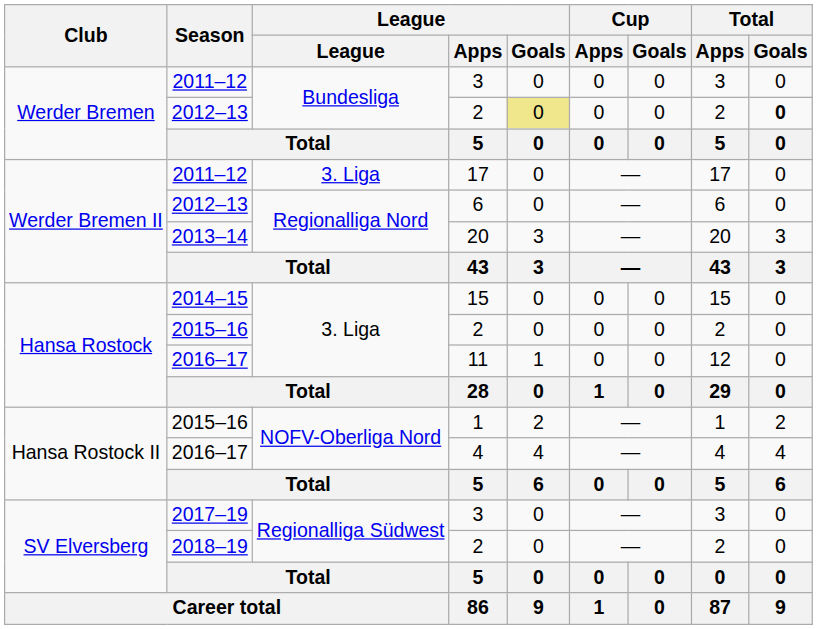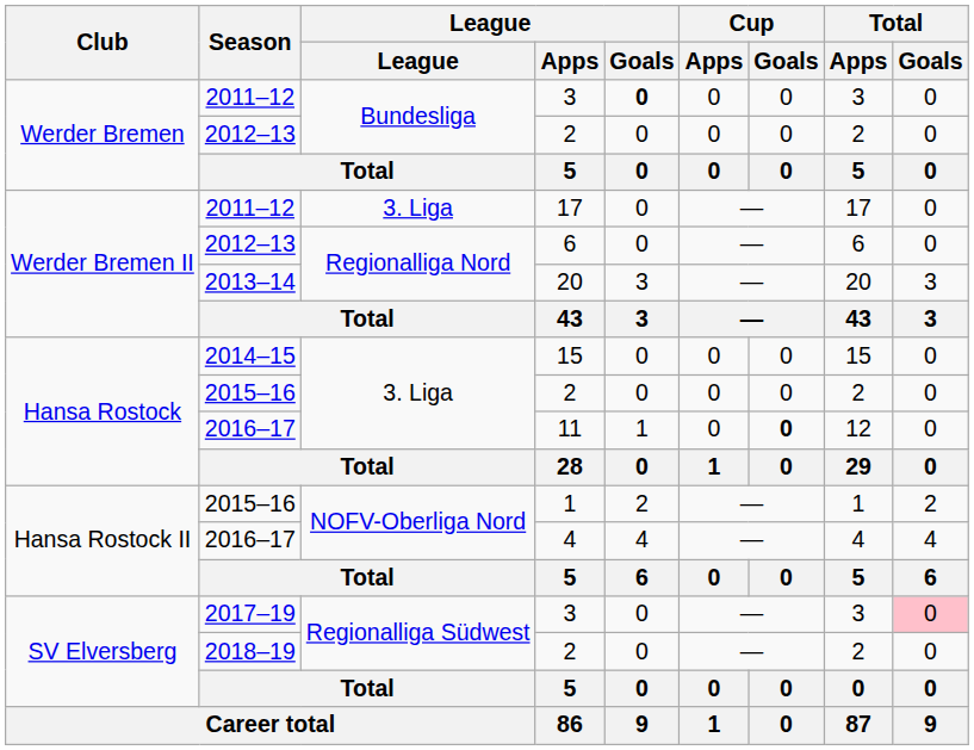 <table class="wikitable" style="text-align:center">
 <tr>
 <th rowspan="2">Club</th>
 <th rowspan="2">Season</th>
 <th colspan="3">League</th>
 <th colspan="2">Cup</th>
 <th colspan="2">Total</th>
 </tr>
 <tr>
 <th>League</th>
 <th>Apps</th>
 <th>Goals</th>
 <th>Apps</th>
 <th>Goals</th>
 <th>Apps</th>
 <th>Goals</th>
 </tr>
 <tr>
 <td rowspan="3"><a href='#'>Werder Bremen</a></td>
 <td><a href='#'>2011–12</a></td>
 <td rowspan="2"><a href='#'>Bundesliga</a></td>
 <td>3</td>
-<td>0</td>
+<td><strong>0</strong></td>
 <td>0</td>
 <td>0</td>
 <td>3</td>
 <td>0</td>
 </tr>
 <tr>
 <td><a href='#'>2012–13</a></td>
 <td>2</td>
-<td style="background: khaki;">0</td>
+<td>0</td>
 <td>0</td>
 <td>0</td>
 <td>2</td>
-<td><strong>0</strong></td>
+<td>0</td>
 </tr>
 <tr>
 <th colspan="2">Total</th>
 <th>5</th>
 <th>0</th>
 <th>0</th>
 <th>0</th>
 <th>5</th>
 <th>0</th>
 </tr>
 <tr>
 <td rowspan="4"><a href='#'>Werder Bremen II</a></td>
 <td><a href='#'>2011–12</a></td>
 <td><a href='#'>3. Liga</a></td>
 <td>17</td>
 <td>0</td>
 <td colspan="2">—</td>
 <td>17</td>
 <td>0</td>
 </tr>
 <tr>
 <td><a href='#'>2012–13</a></td>
 <td rowspan="2"><a href='#'>Regionalliga Nord</a></td>
 <td>6</td>
 <td>0</td>
 <td colspan="2">—</td>
 <td>6</td>
 <td>0</td>
 </tr>
 <tr>
 <td><a href='#'>2013–14</a></td>
 <td>20</td>
 <td>3</td>
 <td colspan="2">—</td>
 <td>20</td>
 <td>3</td>
 </tr>
 <tr>
 <th colspan="2">Total</th>
 <th>43</th>
 <th>3</th>
 <th colspan="2">—</th>
 <th>43</th>
 <th>3</th>
 </tr>
 <tr>
 <td rowspan="4"><a href='#'>Hansa Rostock</a></td>
 <td><a href='#'>2014–15</a></td>
 <td rowspan="3">3. Liga</td>
 <td>15</td>
 <td>0</td>
 <td>0</td>
 <td>0</td>
 <td>15</td>
 <td>0</td>
 </tr>
 <tr>
 <td><a href='#'>2015–16</a></td>
 <td>2</td>
 <td>0</td>
 <td>0</td>
 <td>0</td>
 <td>2</td>
 <td>0</td>
 </tr>
 <tr>
 <td><a href='#'>2016–17</a></td>
 <td>11</td>
 <td>1</td>
 <td>0</td>
-<td>0</td>
+<td><strong>0</strong></td>
 <td>12</td>
 <td>0</td>
 </tr>
 <tr>
 <th colspan="2">Total</th>
 <th>28</th>
 <th>0</th>
 <th>1</th>
 <th>0</th>
 <th>29</th>
 <th>0</th>
 </tr>
 <tr>
 <td rowspan="3">Hansa Rostock II</td>
 <td>2015–16</td>
 <td rowspan="2"><a href='#'>NOFV-Oberliga Nord</a></td>
 <td>1</td>
 <td>2</td>
 <td colspan="2">—</td>
 <td>1</td>
 <td>2</td>
 </tr>
 <tr>
 <td>2016–17</td>
 <td>4</td>
 <td>4</td>
 <td colspan="2">—</td>
 <td>4</td>
 <td>4</td>
 </tr>
 <tr>
 <th colspan="2">Total</th>
 <th>5</th>
 <th>6</th>
 <th>0</th>
 <th>0</th>
 <th>5</th>
 <th>6</th>
 </tr>
 <tr>
 <td rowspan="3"><a href='#'>SV Elversberg</a></td>
 <td><a href='#'>2017–19</a></td>
 <td rowspan="2"><a href='#'>Regionalliga Südwest</a></td>
 <td>3</td>
 <td>0</td>
 <td colspan="2">—</td>
 <td>3</td>
-<td>0</td>
+<td style="background: pink;">0</td>
 </tr>
 <tr>
 <td><a href='#'>2018–19</a></td>
 <td>2</td>
 <td>0</td>
 <td colspan="2">—</td>
 <td>2</td>
 <td>0</td>
 </tr>
 <tr>
 <th colspan="2">Total</th>
 <th>5</th>
 <th>0</th>
 <th>0</th>
 <th>0</th>
 <th>0</th>
 <th>0</th>
 </tr>
 <tr>
 <th colspan="3">Career total</th>
 <th>86</th>
 <th>9</th>
 <th>1</th>
 <th>0</th>
 <th>87</th>
 <th>9</th>
 </tr>
 </table>
